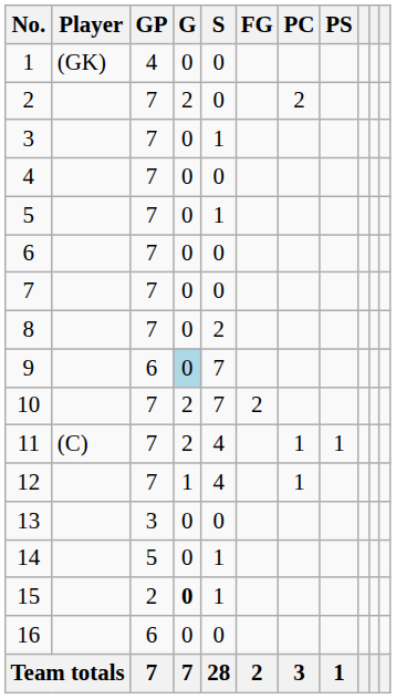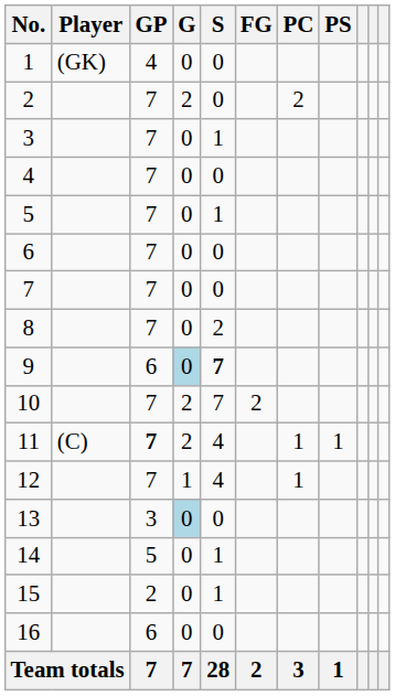 <table class="wikitable sortable" style="font-size:90%; text-align:center">
 <tr>
 <th>No.</th>
 <th>Player</th>
 <th>GP</th>
 <th>G</th>
 <th>S</th>
 <th>FG</th>
 <th>PC</th>
 <th>PS</th>
 <th></th>
 <th></th>
 <th></th>
 </tr>
 <tr>
 <td>1</td>
 <td align=left> (GK)</td>
 <td>4</td>
 <td>0</td>
 <td>0</td>
 <td></td>
 <td></td>
 <td></td>
 <td></td>
 <td></td>
 <td></td>
 </tr>
 <tr>
 <td>2</td>
 <td align=left></td>
 <td>7</td>
 <td>2</td>
 <td>0</td>
 <td></td>
 <td>2</td>
 <td></td>
 <td></td>
 <td></td>
 <td></td>
 </tr>
 <tr>
 <td>3</td>
 <td align=left></td>
 <td>7</td>
 <td>0</td>
 <td>1</td>
 <td></td>
 <td></td>
 <td></td>
 <td></td>
 <td></td>
 <td></td>
 </tr>
 <tr>
 <td>4</td>
 <td align=left></td>
 <td>7</td>
 <td>0</td>
 <td>0</td>
 <td></td>
 <td></td>
 <td></td>
 <td></td>
 <td></td>
 <td></td>
 </tr>
 <tr>
 <td>5</td>
 <td align=left></td>
 <td>7</td>
 <td>0</td>
 <td>1</td>
 <td></td>
 <td></td>
 <td></td>
 <td></td>
 <td></td>
 <td></td>
 </tr>
 <tr>
 <td>6</td>
 <td align=left></td>
 <td>7</td>
 <td>0</td>
 <td>0</td>
 <td></td>
 <td></td>
 <td></td>
 <td></td>
 <td></td>
 <td></td>
 </tr>
 <tr>
 <td>7</td>
 <td align=left></td>
 <td>7</td>
 <td>0</td>
 <td>0</td>
 <td></td>
 <td></td>
 <td></td>
 <td></td>
 <td></td>
 <td></td>
 </tr>
 <tr>
 <td>8</td>
 <td align=left></td>
 <td>7</td>
 <td>0</td>
 <td>2</td>
 <td></td>
 <td></td>
 <td></td>
 <td></td>
 <td></td>
 <td></td>
 </tr>
 <tr>
 <td>9</td>
 <td align=left></td>
 <td>6</td>
 <td style="background: lightblue;">0</td>
-<td>7</td>
+<td><strong>7</strong></td>
 <td></td>
 <td></td>
 <td></td>
 <td></td>
 <td></td>
 <td></td>
 </tr>
 <tr>
 <td>10</td>
 <td align=left></td>
 <td>7</td>
 <td>2</td>
 <td>7</td>
 <td>2</td>
 <td></td>
 <td></td>
 <td></td>
 <td></td>
 <td></td>
 </tr>
 <tr>
 <td>11</td>
 <td align=left> (C)</td>
-<td>7</td>
+<td><strong>7</strong></td>
 <td>2</td>
 <td>4</td>
 <td></td>
 <td>1</td>
 <td>1</td>
 <td></td>
 <td></td>
 <td></td>
 </tr>
 <tr>
 <td>12</td>
 <td align=left></td>
 <td>7</td>
 <td>1</td>
 <td>4</td>
 <td></td>
 <td>1</td>
 <td></td>
 <td></td>
 <td></td>
 <td></td>
 </tr>
 <tr>
 <td>13</td>
 <td align=left></td>
 <td>3</td>
-<td>0</td>
+<td style="background: lightblue;">0</td>
 <td>0</td>
 <td></td>
 <td></td>
 <td></td>
 <td></td>
 <td></td>
 <td></td>
 </tr>
 <tr>
 <td>14</td>
 <td align=left></td>
 <td>5</td>
 <td>0</td>
 <td>1</td>
 <td></td>
 <td></td>
 <td></td>
 <td></td>
 <td></td>
 <td></td>
 </tr>
 <tr>
 <td>15</td>
 <td align=left></td>
 <td>2</td>
-<td><strong>0</strong></td>
+<td>0</td>
 <td>1</td>
 <td></td>
 <td></td>
 <td></td>
 <td></td>
 <td></td>
 <td></td>
 </tr>
 <tr>
 <td>16</td>
 <td align=left></td>
 <td>6</td>
 <td>0</td>
 <td>0</td>
 <td></td>
 <td></td>
 <td></td>
 <td></td>
 <td></td>
 <td></td>
 </tr>
 <tr class="sortbottom">
 <th colspan=2>Team totals</th>
 <th>7</th>
 <th>7</th>
 <th>28</th>
 <th>2</th>
 <th>3</th>
 <th>1</th>
 <th></th>
 <th></th>
 <th></th>
 </tr>
 </table>
